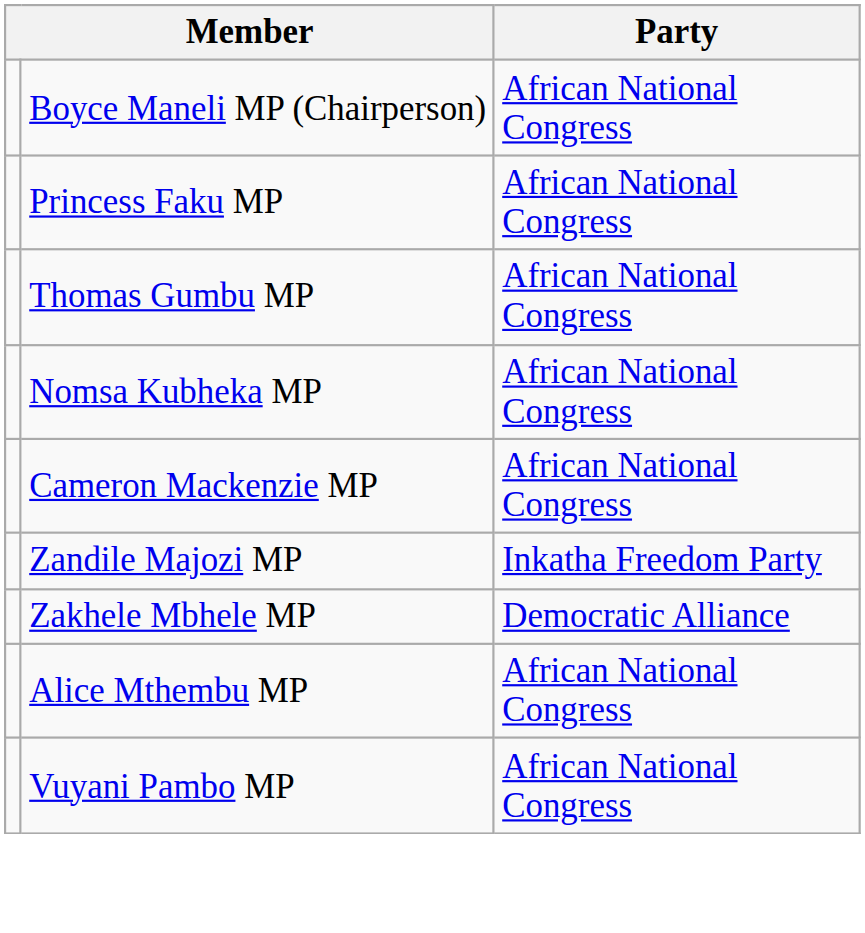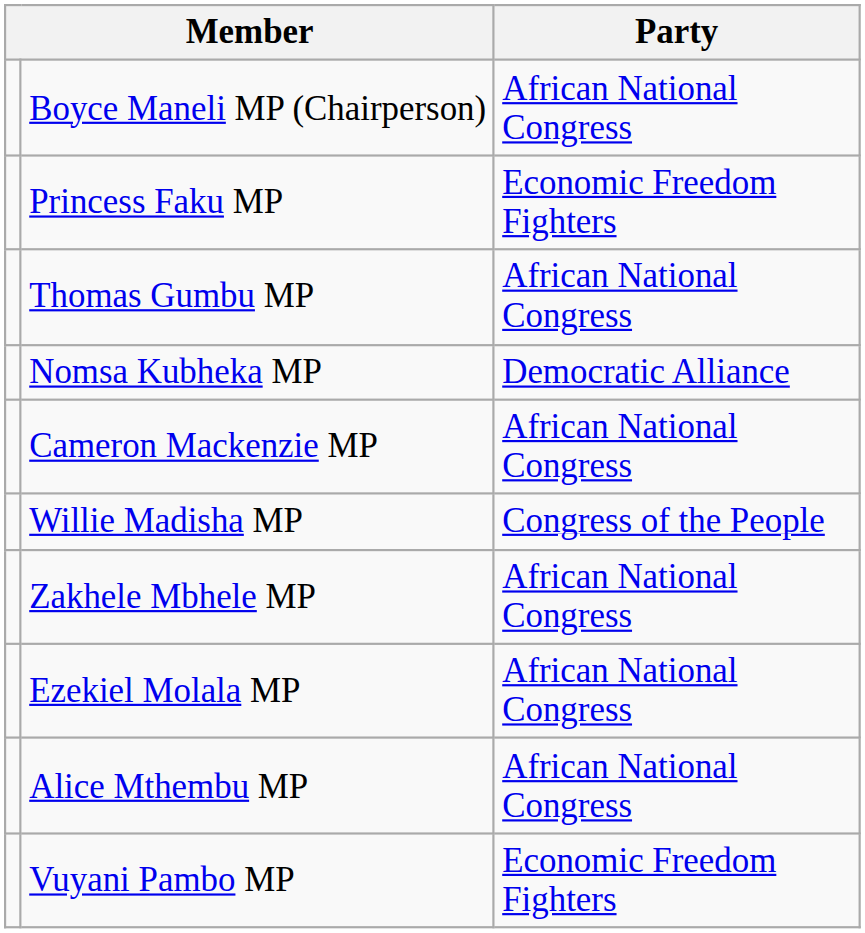 <table class="wikitable">
 <tr>
 <th width="160px" colspan="2" valign="top">Member</th>
 <th width="160px" valign="top">Party</th>
 </tr>
 <tr>
 <td></td>
 <td><a href='#'>Boyce Maneli</a> MP (Chairperson)</td>
 <td><a href='#'>African National Congress</a></td>
 </tr>
 <tr>
 <td></td>
 <td><a href='#'>Princess Faku</a> MP</td>
-<td><a href='#'>African National Congress</a></td>
+<td><a href='#'>Economic Freedom Fighters</a></td>
 </tr>
 <tr>
 <td></td>
 <td><a href='#'>Thomas Gumbu</a> MP</td>
 <td><a href='#'>African National Congress</a></td>
 </tr>
 <tr>
 <td></td>
 <td><a href='#'>Nomsa Kubheka</a> MP</td>
-<td><a href='#'>African National Congress</a></td>
+<td><a href='#'>Democratic Alliance</a></td>
 </tr>
 <tr>
 <td></td>
 <td><a href='#'>Cameron Mackenzie</a> MP</td>
 <td><a href='#'>African National Congress</a></td>
 </tr>
 <tr>
 <td></td>
-<td><a href='#'>Zandile Majozi</a> MP</td>
-<td><a href='#'>Inkatha Freedom Party</a></td>
+<td><a href='#'>Willie Madisha</a> MP</td>
+<td><a href='#'>Congress of the People</a></td>
 </tr>
 <tr>
 <td></td>
 <td><a href='#'>Zakhele Mbhele</a> MP</td>
-<td><a href='#'>Democratic Alliance</a></td>
+<td><a href='#'>African National Congress</a></td>
+</tr>
+<tr>
+<td></td>
+<td><a href='#'>Ezekiel Molala</a> MP</td>
+<td><a href='#'>African National Congress</a></td>
 </tr>
 <tr>
 <td></td>
 <td><a href='#'>Alice Mthembu</a> MP</td>
 <td><a href='#'>African National Congress</a></td>
 </tr>
 <tr>
 <td></td>
 <td><a href='#'>Vuyani Pambo</a> MP</td>
-<td><a href='#'>African National Congress</a></td>
+<td><a href='#'>Economic Freedom Fighters</a></td>
 </tr>
 </table>
